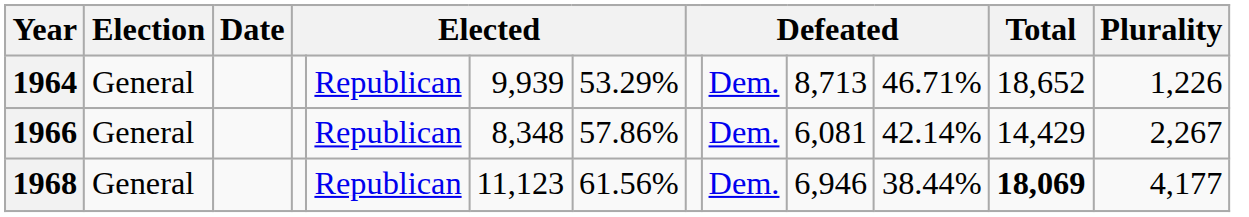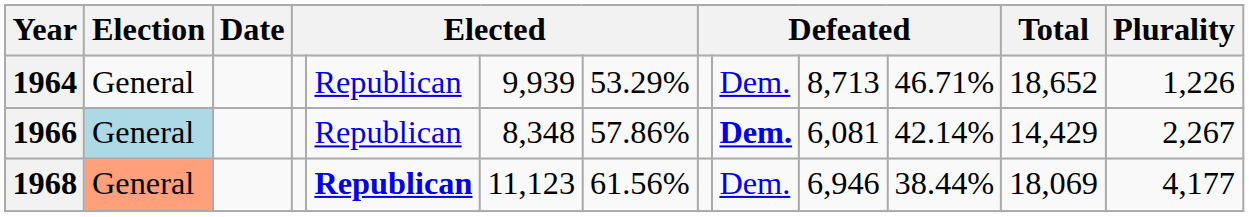 <table class=wikitable>
 <tr>
 <th>Year</th>
 <th>Election</th>
 <th>Date</th>
 <th ! colspan="4">Elected</th>
 <th ! colspan="4">Defeated</th>
 <th>Total</th>
 <th>Plurality</th>
 </tr>
 <tr>
 <th valign="top">1964</th>
 <td valign="top">General</td>
 <td valign="top"></td>
 <td valign="top"></td>
 <td valign="top" ><a href='#'>Republican</a></td>
 <td valign="top" align="right">9,939</td>
 <td valign="top" align="right">53.29%</td>
 <td valign="top"></td>
 <td valign="top" ><a href='#'>Dem.</a></td>
 <td valign="top" align="right">8,713</td>
 <td valign="top" align="right">46.71%</td>
 <td valign="top" align="right">18,652</td>
 <td valign="top" align="right">1,226</td>
 </tr>
 <tr>
 <th valign="top">1966</th>
-<td valign="top">General</td>
+<td valign="top" style="background: lightblue;">General</td>
 <td valign="top"></td>
 <td valign="top"></td>
 <td valign="top" ><a href='#'>Republican</a></td>
 <td valign="top" align="right">8,348</td>
 <td valign="top" align="right">57.86%</td>
 <td valign="top"></td>
-<td valign="top" ><a href='#'>Dem.</a></td>
+<td valign="top" ><strong><a href='#'>Dem.</a></strong></td>
 <td valign="top" align="right">6,081</td>
 <td valign="top" align="right">42.14%</td>
 <td valign="top" align="right">14,429</td>
 <td valign="top" align="right">2,267</td>
 </tr>
 <tr>
 <th valign="top">1968</th>
-<td valign="top">General</td>
+<td valign="top" style="background: lightsalmon;">General</td>
 <td valign="top"></td>
 <td valign="top"></td>
-<td valign="top" ><a href='#'>Republican</a></td>
+<td valign="top" ><strong><a href='#'>Republican</a></strong></td>
 <td valign="top" align="right">11,123</td>
 <td valign="top" align="right">61.56%</td>
 <td valign="top"></td>
 <td valign="top" ><a href='#'>Dem.</a></td>
 <td valign="top" align="right">6,946</td>
 <td valign="top" align="right">38.44%</td>
-<td valign="top" align="right"><strong>18,069</strong></td>
+<td valign="top" align="right">18,069</td>
 <td valign="top" align="right">4,177</td>
 </tr>
 </table>
